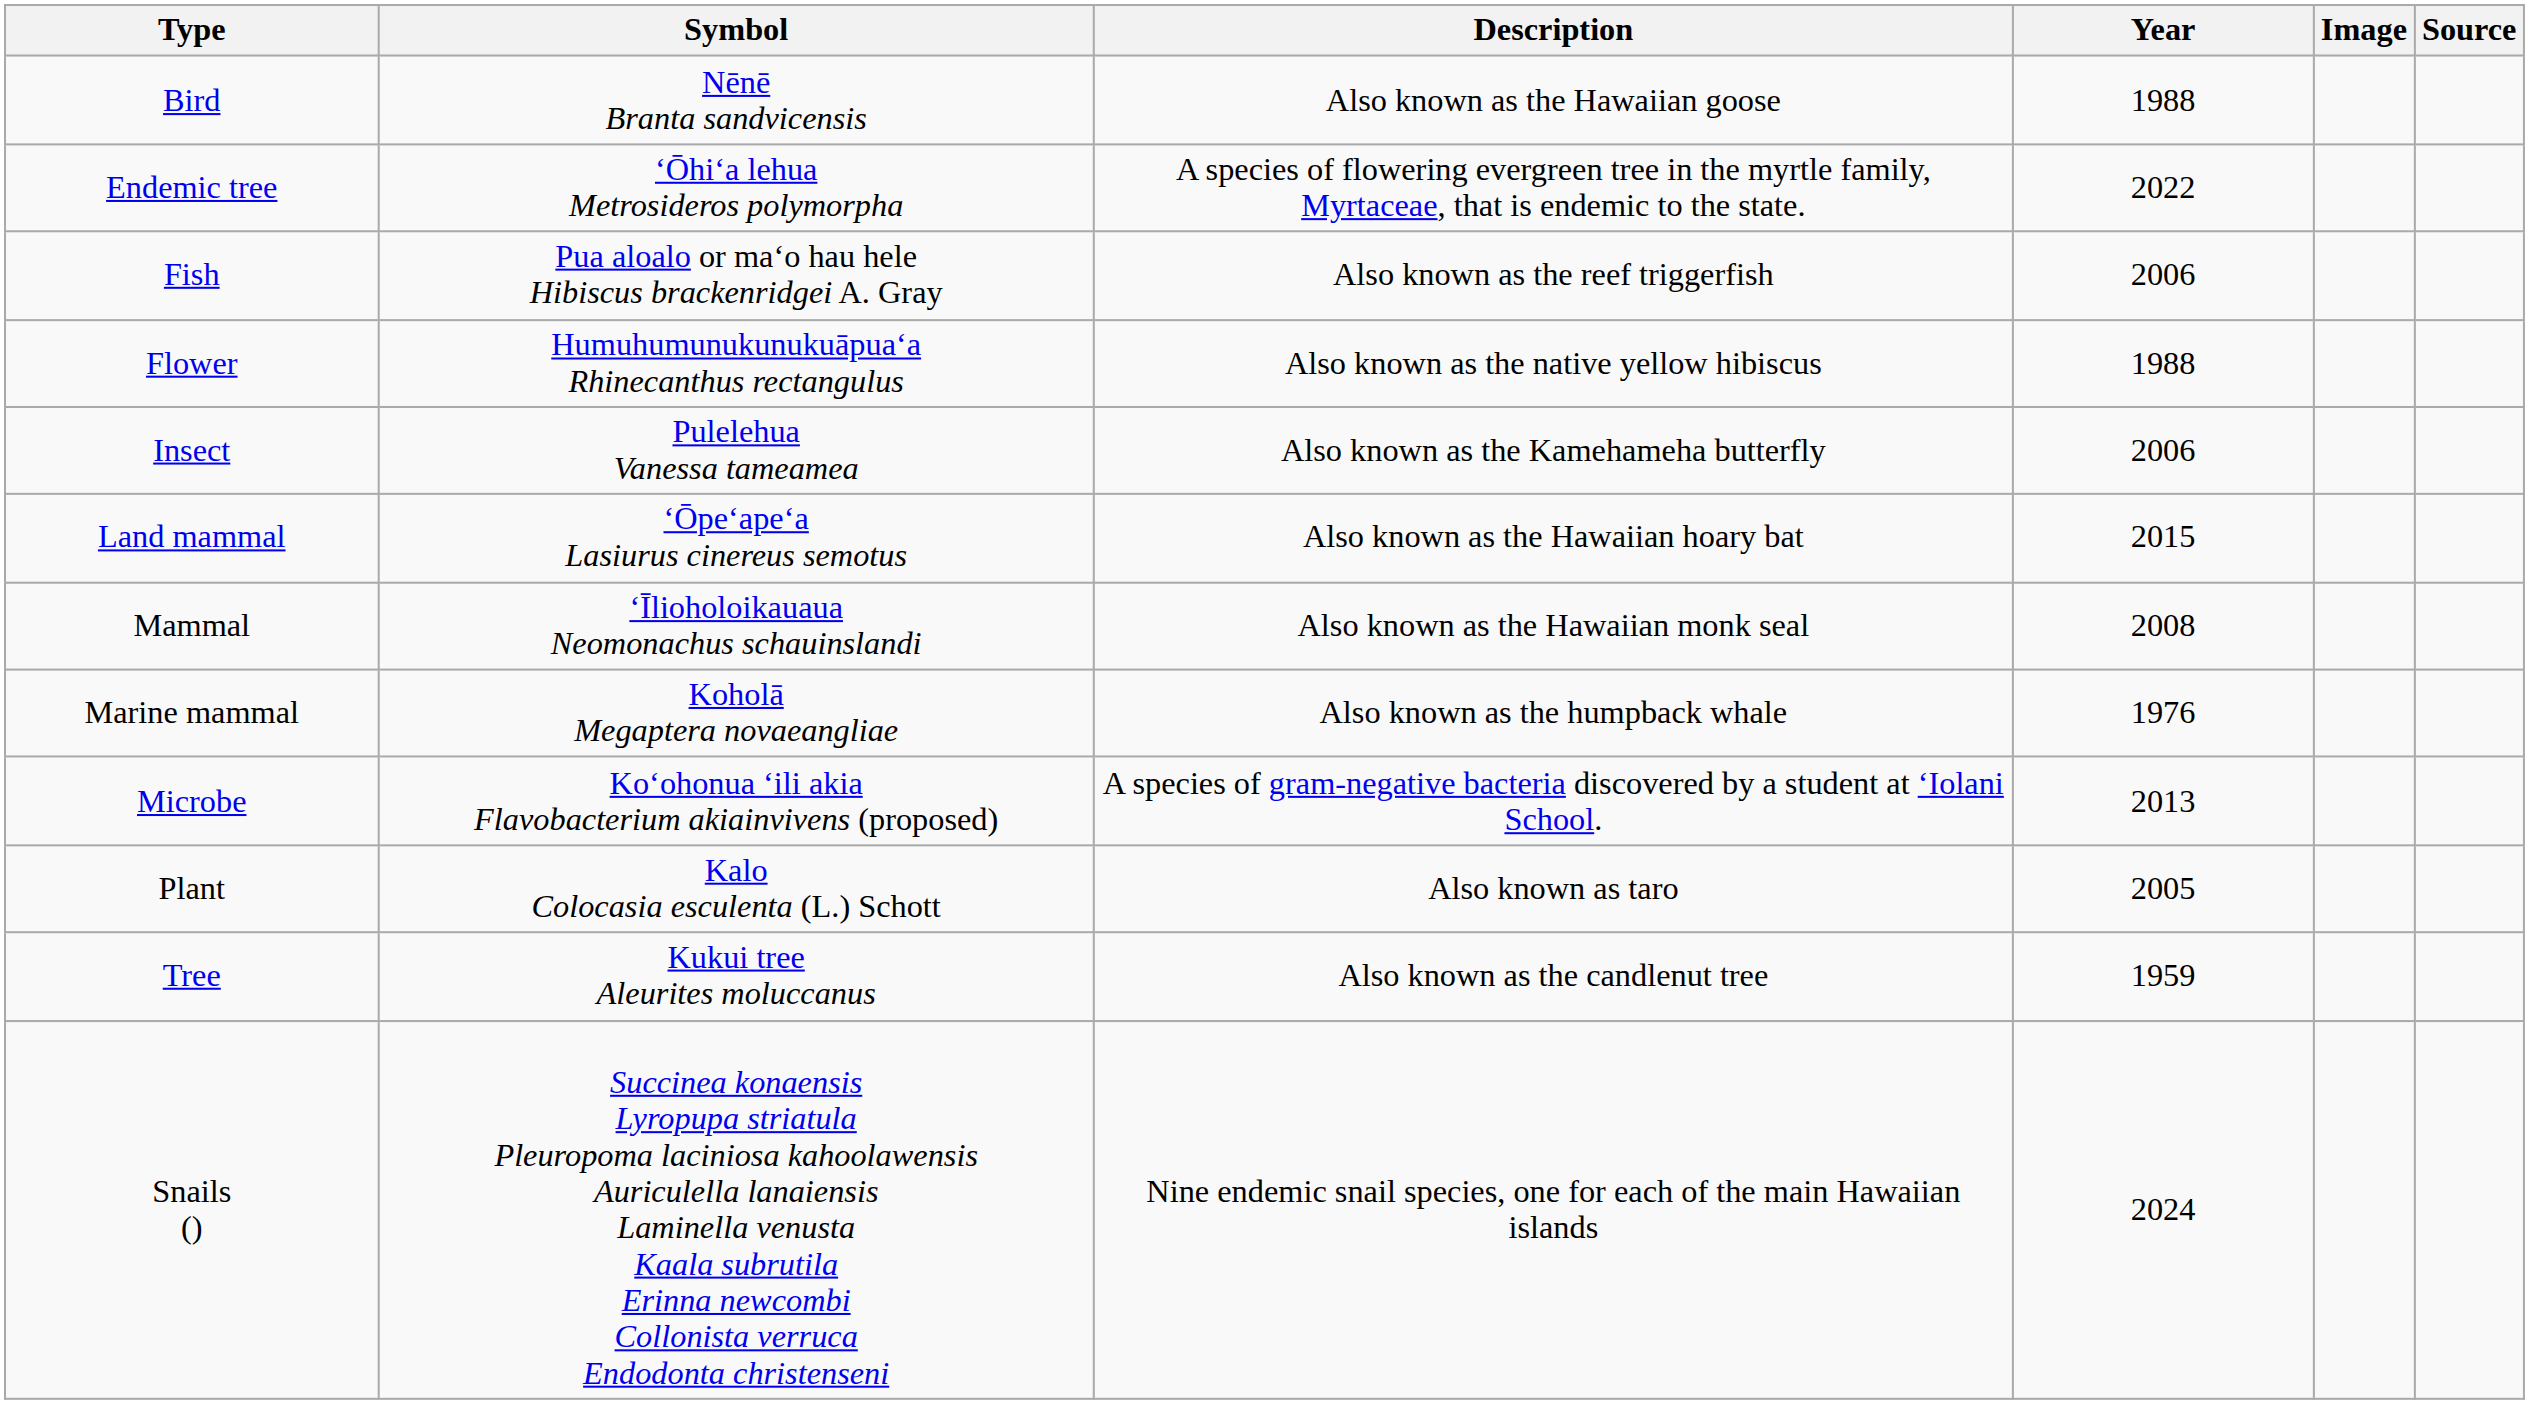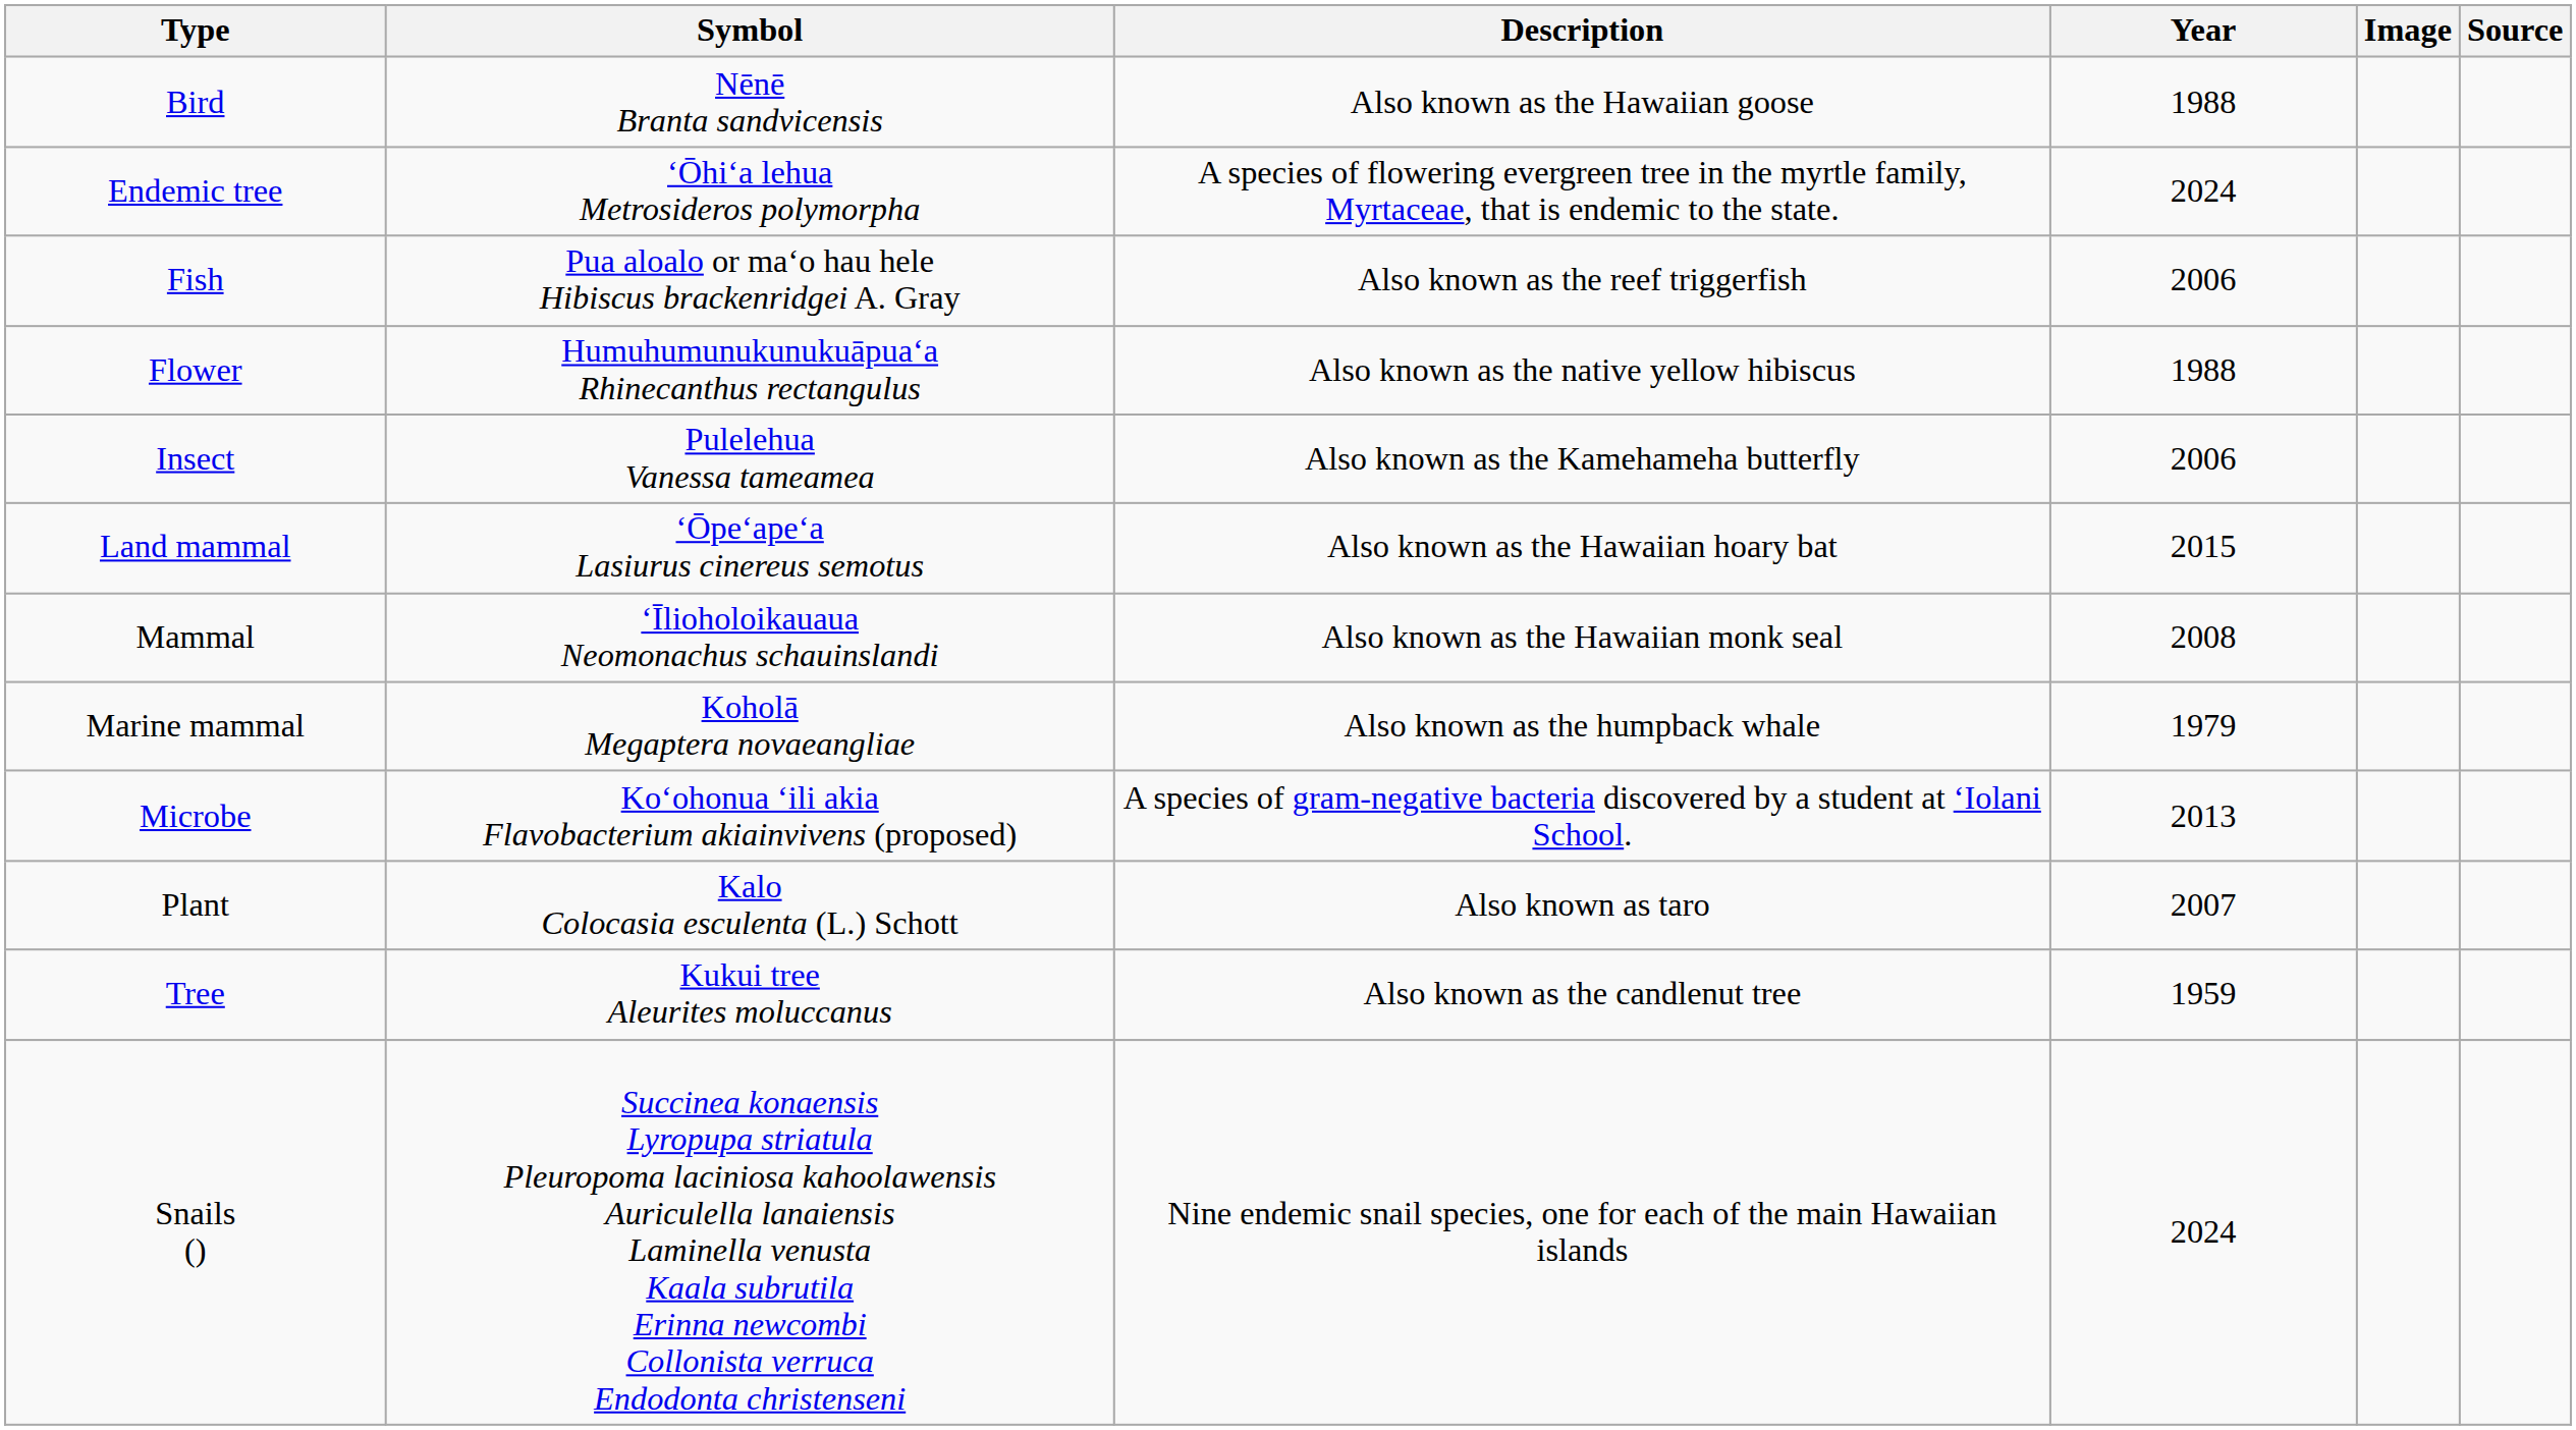 <table class="wikitable" style="text-align:center;">
 <tr>
 <th style="width:16%;">Type</th>
 <th style="width:30%;">Symbol</th>
 <th style="width:40%;">Description</th>
 <th style="width:13%;">Year</th>
 <th style="width:13%;">Image</th>
 <th style="width:10%;">Source</th>
 </tr>
 <tr>
 <td><a href='#'>Bird</a></td>
 <td><a href='#'>Nēnē</a><br><em>Branta sandvicensis</em></td>
 <td>Also known as the Hawaiian goose</td>
 <td>1988</td>
 <td></td>
 <td></td>
 </tr>
 <tr>
 <td><a href='#'>Endemic tree</a></td>
 <td><a href='#'>ʻŌhiʻa lehua</a><br><em>Metrosideros polymorpha</em></td>
 <td>A species of flowering evergreen tree in the myrtle family, <a href='#'>Myrtaceae</a>, that is endemic to the state.</td>
-<td>2022</td>
+<td>2024</td>
 <td></td>
 <td></td>
 </tr>
 <tr>
 <td><a href='#'>Fish</a></td>
 <td><a href='#'>Pua aloalo</a> or maʻo hau hele<br><em>Hibiscus brackenridgei</em> A. Gray</td>
 <td>Also known as the reef triggerfish</td>
 <td>2006</td>
 <td></td>
 <td></td>
 </tr>
 <tr>
 <td><a href='#'>Flower</a></td>
 <td><a href='#'>Humuhumunukunukuāpuaʻa</a><br><em>Rhinecanthus rectangulus</em></td>
 <td>Also known as the native yellow hibiscus</td>
 <td>1988</td>
 <td></td>
 <td></td>
 </tr>
 <tr>
 <td><a href='#'>Insect</a></td>
 <td><a href='#'>Pulelehua</a><br><em>Vanessa tameamea</em></td>
 <td>Also known as the Kamehameha butterfly</td>
 <td>2006</td>
 <td></td>
 <td></td>
 </tr>
 <tr>
 <td><a href='#'>Land mammal</a></td>
 <td><a href='#'>ʻŌpeʻapeʻa</a><br><em>Lasiurus cinereus semotus</em></td>
 <td>Also known as the Hawaiian hoary bat</td>
 <td>2015</td>
 <td></td>
 <td></td>
 </tr>
 <tr>
 <td>Mammal</td>
 <td><a href='#'>ʻĪlioholoikauaua</a><br><em>Neomonachus schauinslandi</em></td>
 <td>Also known as the Hawaiian monk seal</td>
 <td>2008</td>
 <td></td>
 <td></td>
 </tr>
 <tr>
 <td>Marine mammal</td>
 <td><a href='#'>Koholā</a><br><em>Megaptera novaeangliae</em></td>
 <td>Also known as the humpback whale</td>
-<td>1976</td>
+<td>1979</td>
 <td></td>
 <td></td>
 </tr>
 <tr>
 <td><a href='#'>Microbe</a></td>
 <td><a href='#'>Koʻohonua ʻili akia</a><br><em>Flavobacterium akiainvivens</em> (proposed)</td>
 <td>A species of <a href='#'>gram-negative bacteria</a> discovered by a student at <a href='#'>ʻIolani School</a>.</td>
 <td>2013</td>
 <td></td>
 <td></td>
 </tr>
 <tr>
 <td>Plant</td>
 <td><a href='#'>Kalo</a><br><em>Colocasia esculenta</em> (L.) Schott</td>
 <td>Also known as taro</td>
-<td>2005</td>
+<td>2007</td>
 <td></td>
 <td></td>
 </tr>
 <tr>
 <td><a href='#'>Tree</a></td>
 <td><a href='#'>Kukui tree</a><br><em>Aleurites moluccanus</em></td>
 <td>Also known as the candlenut tree</td>
 <td>1959</td>
 <td></td>
 <td></td>
 </tr>
 <tr>
 <td>Snails <br>()</td>
 <td><br><em><a href='#'>Succinea konaensis</a></em> <br><em><a href='#'>Lyropupa striatula</a></em> <br><em>Pleuropoma laciniosa kahoolawensis</em> <br><em>Auriculella lanaiensis</em> <br><em>Laminella venusta</em> <br><em><a href='#'>Kaala subrutila</a></em> <br><em><a href='#'>Erinna newcombi</a></em> <br><em><a href='#'>Collonista verruca</a></em> <br><em><a href='#'>Endodonta christenseni</a></em></td>
 <td>Nine endemic snail species, one for each of the main Hawaiian islands</td>
 <td>2024</td>
 <td></td>
 <td></td>
 </tr>
 </table>
